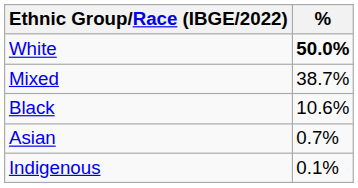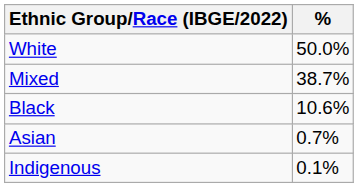 <table class="wikitable">
 <tr>
 <th>Ethnic Group/<a href='#'>Race</a> (IBGE/2022)</th>
 <th>%</th>
 </tr>
 <tr>
 <td><a href='#'>White</a></td>
-<td><strong>50.0%</strong></td>
+<td>50.0%</td>
 </tr>
 <tr>
 <td><a href='#'>Mixed</a></td>
 <td>38.7%</td>
 </tr>
 <tr>
 <td><a href='#'>Black</a></td>
 <td>10.6%</td>
 </tr>
 <tr>
 <td><a href='#'>Asian</a></td>
 <td>0.7%</td>
 </tr>
 <tr>
 <td><a href='#'>Indigenous</a></td>
 <td>0.1%</td>
 </tr>
 </table>
